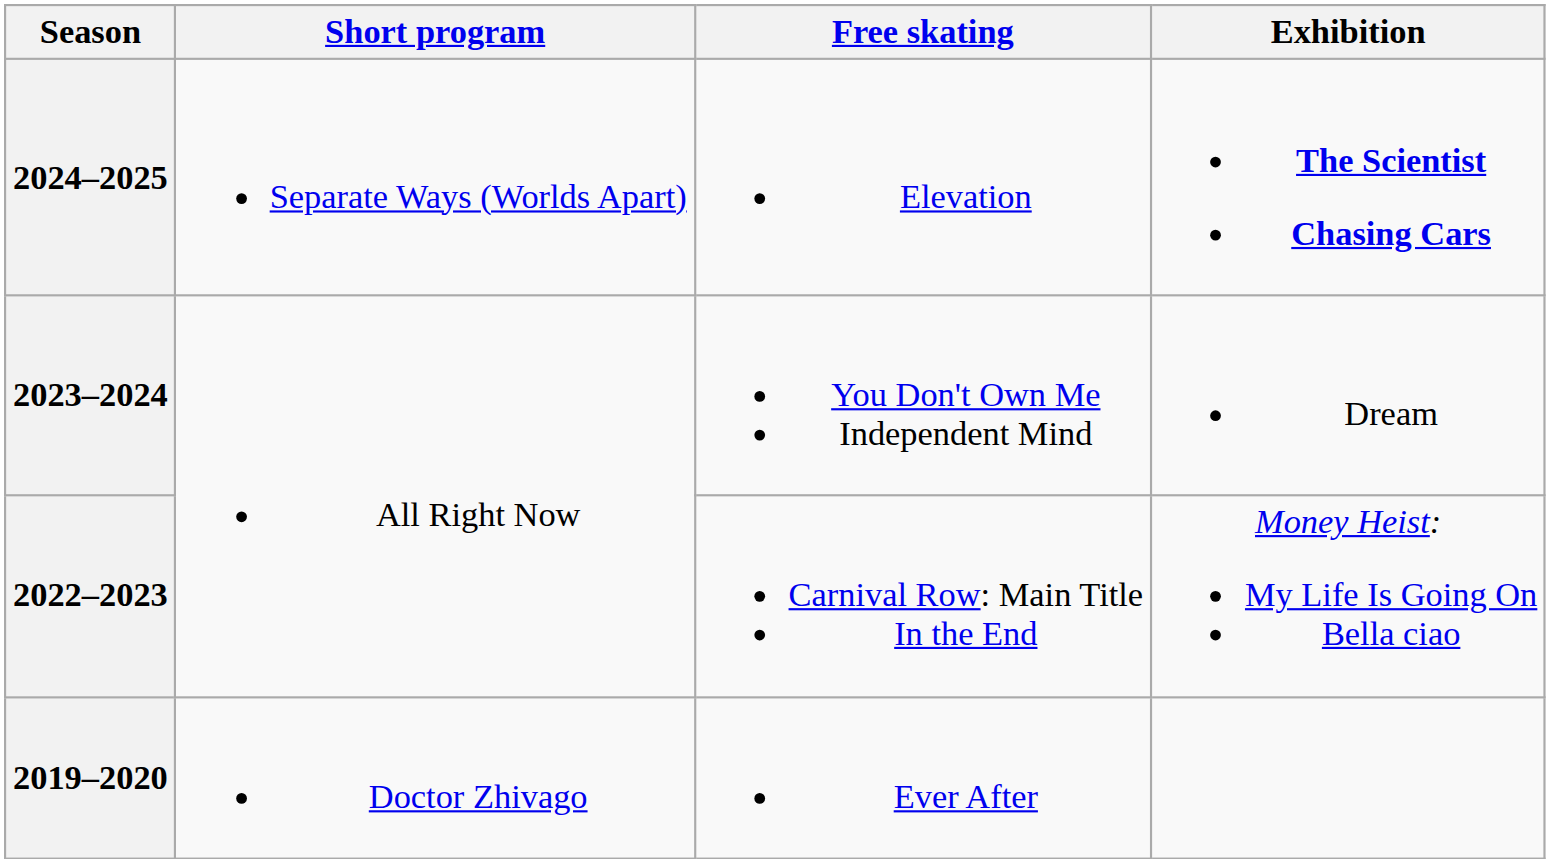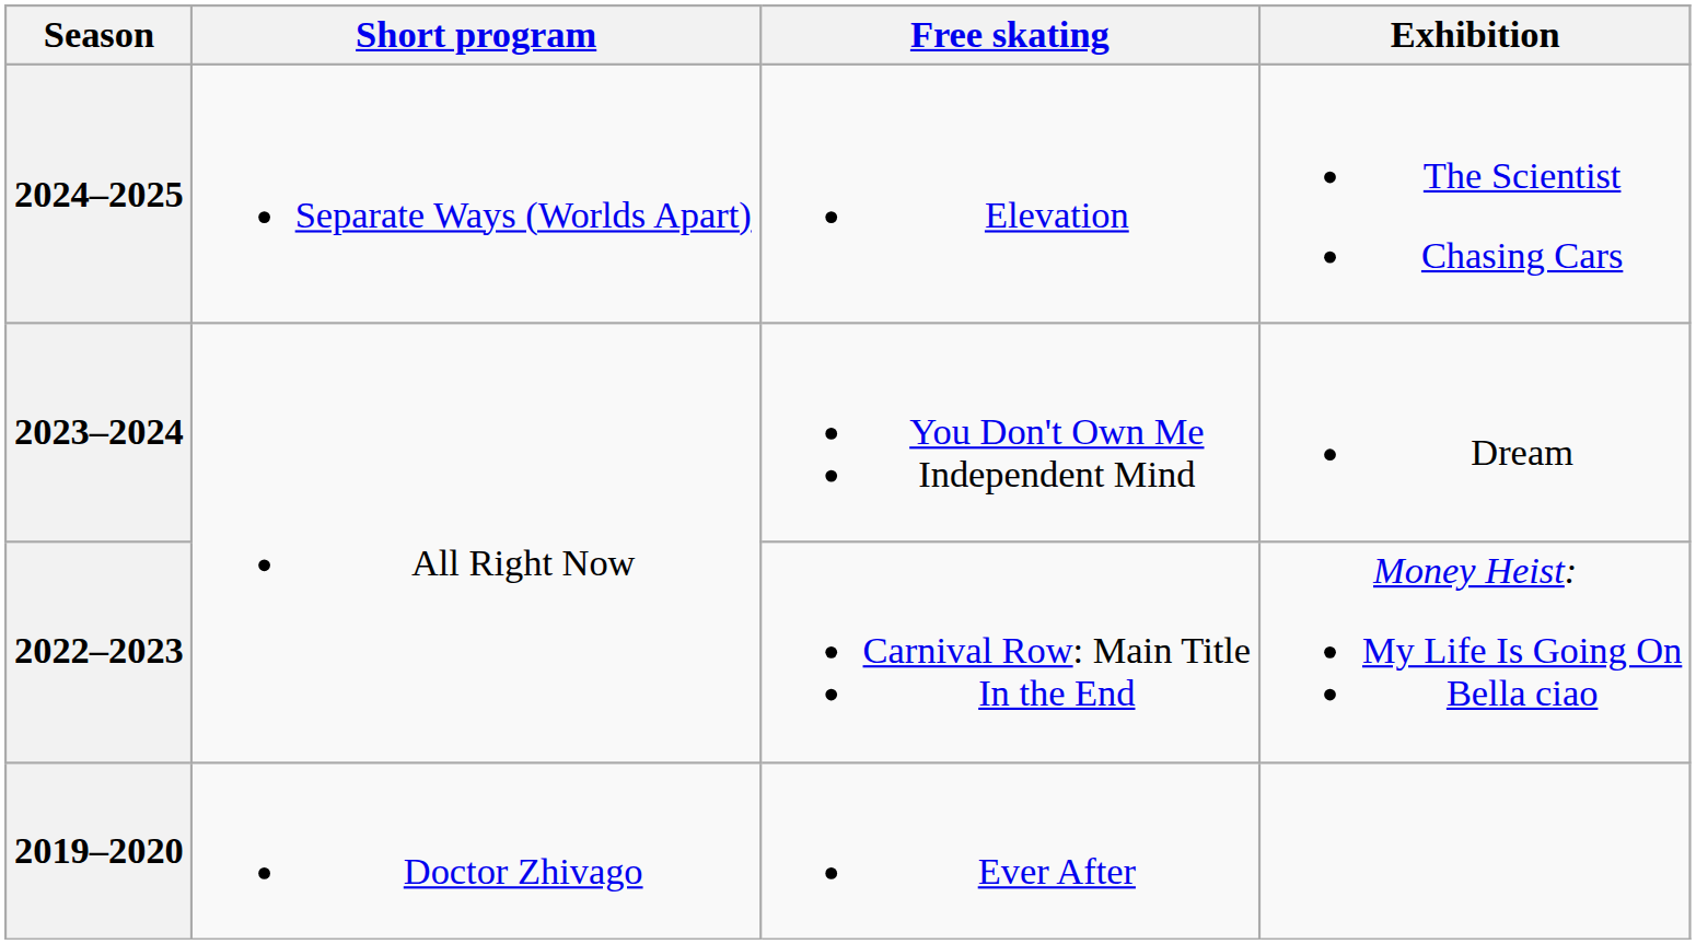 <table class=wikitable style=text-align:center>
 <tr>
 <th>Season</th>
 <th><a href='#'>Short program</a></th>
 <th><a href='#'>Free skating</a></th>
 <th>Exhibition</th>
 </tr>
 <tr>
 <th>2024–2025 <br> </th>
 <td><br><ul><li><a href='#'>Separate Ways (Worlds Apart)</a> <br> </li></ul></td>
 <td><br><ul><li><a href='#'>Elevation</a> <br> </li></ul></td>
-<td><strong><br><ul><li><a href='#'>The Scientist</a> <br> </li></ul><ul><li><a href='#'>Chasing Cars</a> <br></li></ul></strong></td>
+<td><br><ul><li><a href='#'>The Scientist</a> <br> </li></ul><ul><li><a href='#'>Chasing Cars</a> <br></li></ul></td>
 </tr>
 <tr>
 <th>2023–2024 <br> </th>
 <td rowspan="2"><br><ul><li>All Right Now <br></li></ul></td>
 <td><br><ul><li><a href='#'>You Don't Own Me</a> <br> </li><li>Independent Mind <br> </li></ul></td>
 <td><br><ul><li>Dream <br></li></ul></td>
 </tr>
 <tr>
 <th>2022–2023 <br> </th>
 <td><br><ul><li><a href='#'>Carnival Row</a>: Main Title <br></li><li><a href='#'>In the End</a> <br></li></ul></td>
 <td><em><a href='#'>Money Heist</a>:</em><br><ul><li><a href='#'>My Life Is Going On</a> <br></li><li><a href='#'>Bella ciao</a> <br></li></ul></td>
 </tr>
 <tr>
 <th>2019–2020 <br> </th>
 <td><br><ul><li><a href='#'>Doctor Zhivago</a> <br></li></ul></td>
 <td><br><ul><li><a href='#'>Ever After</a> <br></li></ul></td>
 <td></td>
 </tr>
 </table>
